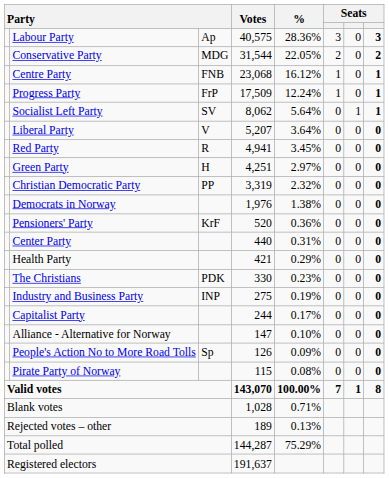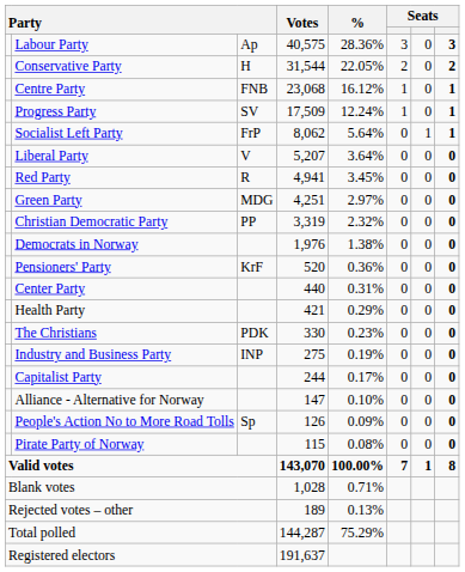 <table class="wikitable" border="1" style="text-align:right;">
 <tr>
 <th style="text-align:left;" valign=bottom rowspan=2 colspan=3>Party</th>
 <th align=center valign=bottom rowspan=2 width="50">Votes</th>
 <th align=center valign=bottom rowspan=2 width="50">%</th>
 <th colspan=3>Seats</th>
 </tr>
 <tr>
 <th align=center valign=bottom width="20"><small></small></th>
 <th align=center valign=bottom width="20"><small><a href='#'></a></small></th>
 <th align=center valign=bottom width="20"><small></small></th>
 </tr>
 <tr>
 <td style="color:inherit;background:"></td>
 <td align=left><a href='#'>Labour Party</a></td>
 <td align=left>Ap</td>
 <td>40,575</td>
 <td>28.36%</td>
 <td>3</td>
 <td>0</td>
 <td><strong>3</strong></td>
 </tr>
 <tr>
 <td style="color:inherit;background:"></td>
 <td align=left><a href='#'>Conservative Party</a></td>
-<td align=left>MDG</td>
+<td align=left>H</td>
 <td>31,544</td>
 <td>22.05%</td>
 <td>2</td>
 <td>0</td>
 <td><strong>2</strong></td>
 </tr>
 <tr>
 <td style="color:inherit;background:"></td>
 <td align=left><a href='#'>Centre Party</a></td>
 <td align=left>FNB</td>
 <td>23,068</td>
 <td>16.12%</td>
 <td>1</td>
 <td>0</td>
 <td><strong>1</strong></td>
 </tr>
 <tr>
 <td style="color:inherit;background:"></td>
 <td align=left><a href='#'>Progress Party</a></td>
-<td align=left>FrP</td>
+<td align=left>SV</td>
 <td>17,509</td>
 <td>12.24%</td>
 <td>1</td>
 <td>0</td>
 <td><strong>1</strong></td>
 </tr>
 <tr>
 <td style="color:inherit;background:"></td>
 <td align=left><a href='#'>Socialist Left Party</a></td>
-<td align=left>SV</td>
+<td align=left>FrP</td>
 <td>8,062</td>
 <td>5.64%</td>
 <td>0</td>
 <td>1</td>
 <td><strong>1</strong></td>
 </tr>
 <tr>
 <td style="color:inherit;background:"></td>
 <td align=left><a href='#'>Liberal Party</a></td>
 <td align=left>V</td>
 <td>5,207</td>
 <td>3.64%</td>
 <td>0</td>
 <td>0</td>
 <td><strong>0</strong></td>
 </tr>
 <tr>
 <td style="color:inherit;background:"></td>
 <td align=left><a href='#'>Red Party</a></td>
 <td align=left>R</td>
 <td>4,941</td>
 <td>3.45%</td>
 <td>0</td>
 <td>0</td>
 <td><strong>0</strong></td>
 </tr>
 <tr>
 <td style="color:inherit;background:"></td>
 <td align=left><a href='#'>Green Party</a></td>
-<td align=left>H</td>
+<td align=left>MDG</td>
 <td>4,251</td>
 <td>2.97%</td>
 <td>0</td>
 <td>0</td>
 <td><strong>0</strong></td>
 </tr>
 <tr>
 <td style="color:inherit;background:"></td>
 <td align=left><a href='#'>Christian Democratic Party</a></td>
 <td align=left>PP</td>
 <td>3,319</td>
 <td>2.32%</td>
 <td>0</td>
 <td>0</td>
 <td><strong>0</strong></td>
 </tr>
 <tr>
 <td style="color:inherit;background:"></td>
 <td align=left><a href='#'>Democrats in Norway</a></td>
 <td align=left></td>
 <td>1,976</td>
 <td>1.38%</td>
 <td>0</td>
 <td>0</td>
 <td><strong>0</strong></td>
 </tr>
 <tr>
 <td style="color:inherit;background:"></td>
 <td align=left><a href='#'>Pensioners' Party</a></td>
 <td align=left>KrF</td>
 <td>520</td>
 <td>0.36%</td>
 <td>0</td>
 <td>0</td>
 <td><strong>0</strong></td>
 </tr>
 <tr>
 <td style="color:inherit;background:"></td>
 <td align=left><a href='#'>Center Party</a></td>
 <td align=left></td>
 <td>440</td>
 <td>0.31%</td>
 <td>0</td>
 <td>0</td>
 <td><strong>0</strong></td>
 </tr>
 <tr>
 <td></td>
 <td align=left>Health Party</td>
 <td align=left></td>
 <td>421</td>
 <td>0.29%</td>
 <td>0</td>
 <td>0</td>
 <td><strong>0</strong></td>
 </tr>
 <tr>
 <td style="color:inherit;background:"></td>
 <td align=left><a href='#'>The Christians</a></td>
 <td align=left>PDK</td>
 <td>330</td>
 <td>0.23%</td>
 <td>0</td>
 <td>0</td>
 <td><strong>0</strong></td>
 </tr>
 <tr>
 <td style="color:inherit;background:"></td>
 <td align=left><a href='#'>Industry and Business Party</a></td>
 <td align=left>INP</td>
 <td>275</td>
 <td>0.19%</td>
 <td>0</td>
 <td>0</td>
 <td><strong>0</strong></td>
 </tr>
 <tr>
 <td style="color:inherit;background:"></td>
 <td align=left><a href='#'>Capitalist Party</a></td>
 <td align=left></td>
 <td>244</td>
 <td>0.17%</td>
 <td>0</td>
 <td>0</td>
 <td><strong>0</strong></td>
 </tr>
 <tr>
 <td></td>
 <td align=left>Alliance - Alternative for Norway</td>
 <td align=left></td>
 <td>147</td>
 <td>0.10%</td>
 <td>0</td>
 <td>0</td>
 <td><strong>0</strong></td>
 </tr>
 <tr>
 <td style="color:inherit;background:"></td>
 <td align=left><a href='#'>People's Action No to More Road Tolls</a></td>
 <td align=left>Sp</td>
 <td>126</td>
 <td>0.09%</td>
 <td>0</td>
 <td>0</td>
 <td><strong>0</strong></td>
 </tr>
 <tr>
 <td style="color:inherit;background:"></td>
 <td align=left><a href='#'>Pirate Party of Norway</a></td>
 <td align=left></td>
 <td>115</td>
 <td>0.08%</td>
 <td>0</td>
 <td>0</td>
 <td><strong>0</strong></td>
 </tr>
 <tr style="font-weight:bold">
 <td align=left colspan=3>Valid votes</td>
 <td>143,070</td>
 <td>100.00%</td>
 <td>7</td>
 <td>1</td>
 <td>8</td>
 </tr>
 <tr>
 <td align=left colspan=3>Blank votes</td>
 <td>1,028</td>
 <td>0.71%</td>
 <td></td>
 <td></td>
 <td></td>
 </tr>
 <tr>
 <td align=left colspan=3>Rejected votes – other</td>
 <td>189</td>
 <td>0.13%</td>
 <td></td>
 <td></td>
 <td></td>
 </tr>
 <tr>
 <td align=left colspan=3>Total polled</td>
 <td>144,287</td>
 <td>75.29%</td>
 <td></td>
 <td></td>
 <td></td>
 </tr>
 <tr>
 <td align=left colspan=3>Registered electors</td>
 <td>191,637</td>
 <td></td>
 <td></td>
 <td></td>
 <td></td>
 </tr>
 </table>
